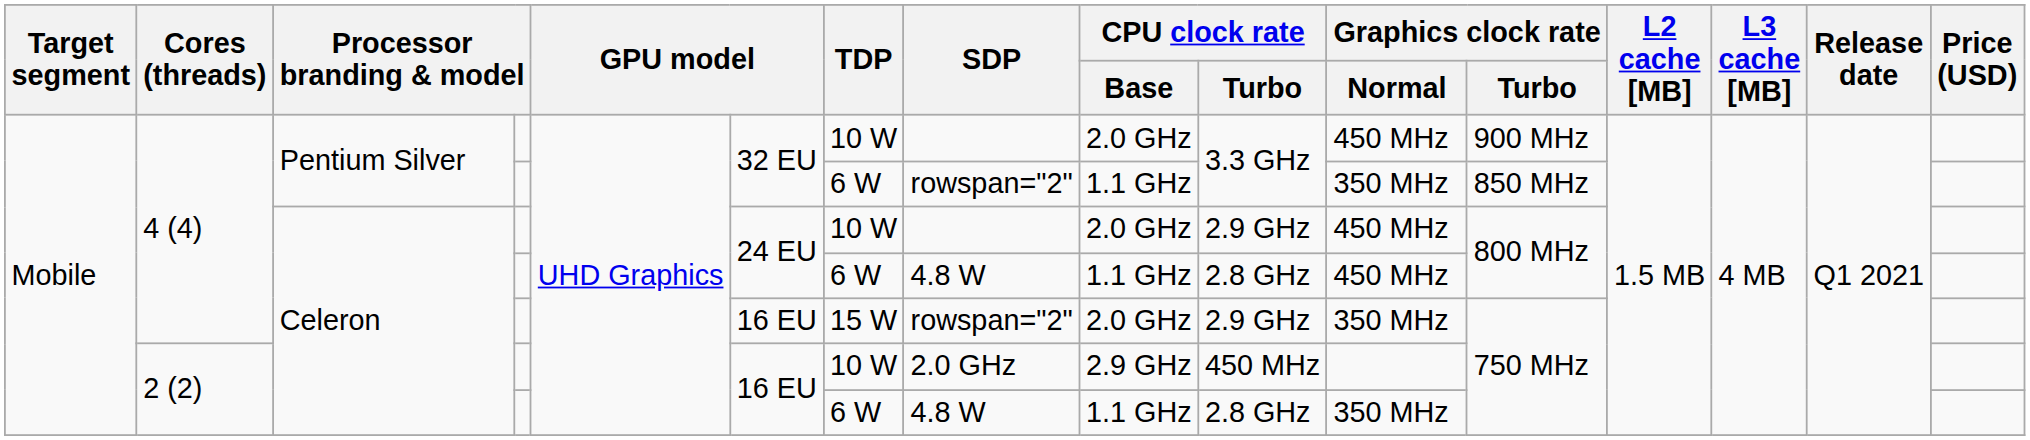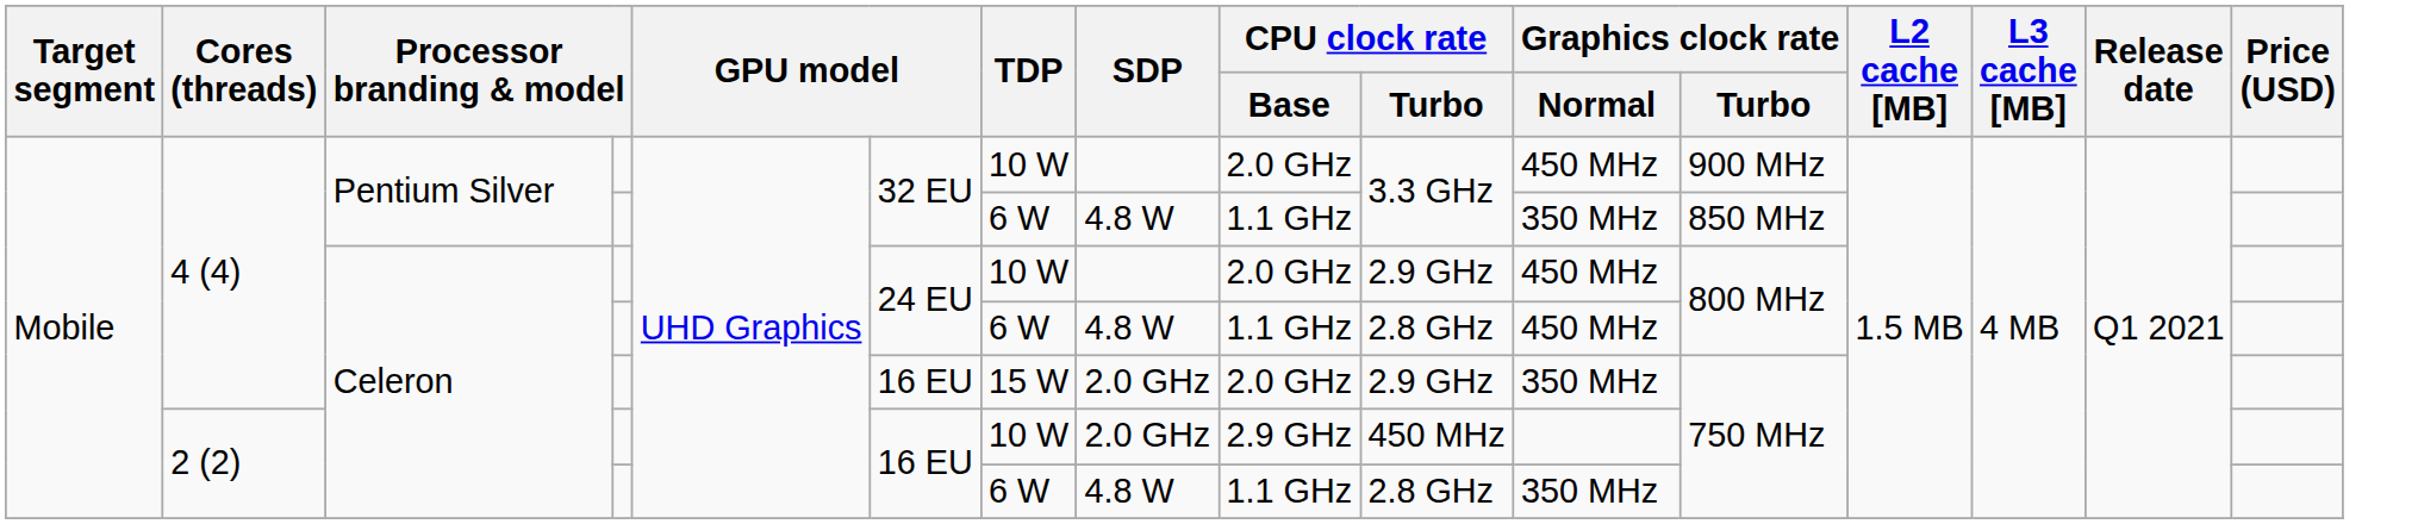 <table class="wikitable mw-collapsible">
 <tr>
 <th rowspan="2">Target<br>segment</th>
 <th rowspan="2">Cores<br>(threads)</th>
 <th colspan="2" rowspan="2">Processor<br>branding & model</th>
 <th colspan="2" rowspan="2">GPU model</th>
 <th rowspan="2">TDP</th>
 <th rowspan="2">SDP</th>
 <th colspan="2">CPU <a href='#'>clock rate</a></th>
 <th colspan="2">Graphics clock rate</th>
 <th rowspan="2"><a href='#'>L2<br>cache</a><br>[MB]</th>
 <th rowspan="2"><a href='#'>L3<br>cache</a><br>[MB]</th>
 <th rowspan="2">Release<br>date</th>
 <th rowspan="2">Price<br>(USD)</th>
 </tr>
 <tr>
 <th>Base</th>
 <th>Turbo</th>
 <th>Normal</th>
 <th>Turbo</th>
 </tr>
 <tr>
 <td rowspan="7">Mobile</td>
 <td rowspan="5">4 (4)</td>
 <td rowspan="2">Pentium Silver</td>
 <td rowspan="1"></td>
 <td rowspan="7"><a href='#'>UHD Graphics</a></td>
 <td rowspan="2">32 EU</td>
 <td>10 W</td>
 <td></td>
 <td>2.0 GHz</td>
 <td rowspan="2">3.3 GHz</td>
 <td>450 MHz</td>
 <td>900 MHz</td>
 <td rowspan="7">1.5 MB</td>
 <td rowspan="7">4 MB</td>
 <td rowspan="7">Q1 2021</td>
 <td></td>
 </tr>
 <tr>
 <td rowspan="1"></td>
 <td>6 W</td>
-<td>rowspan="2" </td>
+<td>4.8 W</td>
 <td>1.1 GHz</td>
 <td>350 MHz</td>
 <td rowspan="1">850 MHz</td>
 <td></td>
 </tr>
 <tr>
 <td rowspan="5">Celeron</td>
 <td rowspan="1"></td>
 <td rowspan="2">24 EU</td>
 <td>10 W</td>
 <td></td>
 <td>2.0 GHz</td>
 <td>2.9 GHz</td>
 <td>450 MHz</td>
 <td rowspan="2">800 MHz</td>
 <td></td>
 </tr>
 <tr>
 <td rowspan="1"></td>
 <td>6 W</td>
 <td>4.8 W</td>
 <td>1.1 GHz</td>
 <td>2.8 GHz</td>
 <td>450 MHz</td>
 <td></td>
 </tr>
 <tr>
 <td></td>
 <td>16 EU</td>
 <td>15 W</td>
-<td>rowspan="2" </td>
+<td>2.0 GHz</td>
 <td>2.0 GHz</td>
 <td>2.9 GHz</td>
 <td>350 MHz</td>
 <td rowspan="3">750 MHz</td>
 <td></td>
 </tr>
 <tr>
 <td rowspan="2">2 (2)</td>
 <td></td>
 <td rowspan="2">16 EU</td>
 <td>10 W</td>
 <td>2.0 GHz</td>
 <td>2.9 GHz</td>
 <td>450 MHz</td>
 <td></td>
 </tr>
 <tr>
 <td></td>
 <td>6 W</td>
 <td>4.8 W</td>
 <td>1.1 GHz</td>
 <td>2.8 GHz</td>
 <td>350 MHz</td>
 <td></td>
 </tr>
 </table>
